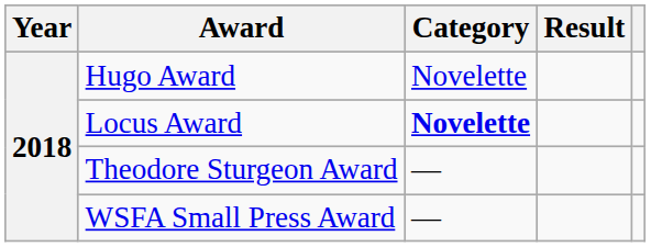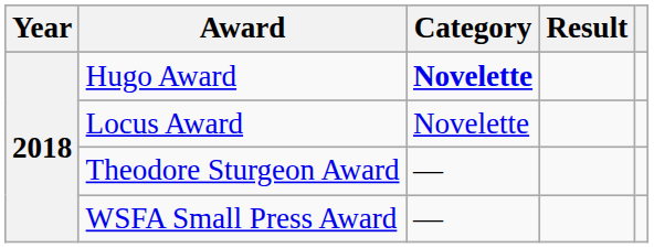 <table class="wikitable sortable">
 <tr>
 <th>Year</th>
 <th>Award</th>
 <th>Category</th>
 <th>Result</th>
 <th></th>
 </tr>
 <tr>
 <th rowspan="4">2018</th>
 <td><a href='#'>Hugo Award</a></td>
-<td><a href='#'>Novelette</a></td>
+<td><strong><a href='#'>Novelette</a></strong></td>
 <td></td>
 <td></td>
 </tr>
 <tr>
 <td><a href='#'>Locus Award</a></td>
-<td><strong><a href='#'>Novelette</a></strong></td>
+<td><a href='#'>Novelette</a></td>
 <td></td>
 <td></td>
 </tr>
 <tr>
 <td><a href='#'>Theodore Sturgeon Award</a></td>
 <td>—</td>
 <td></td>
 <td></td>
 </tr>
 <tr>
 <td><a href='#'>WSFA Small Press Award</a></td>
 <td>—</td>
 <td></td>
 <td></td>
 </tr>
 </table>
